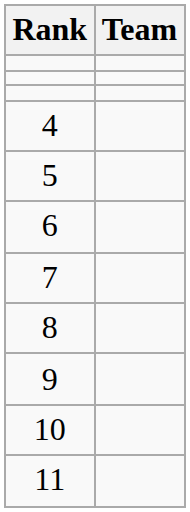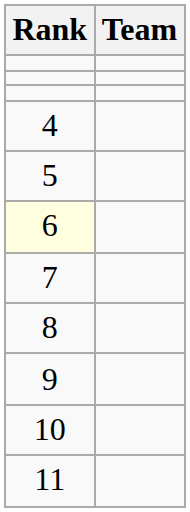 <table class=wikitable style="text-align:center;">
 <tr>
 <th>Rank</th>
 <th>Team</th>
 </tr>
 <tr>
 <td></td>
 <td align=left></td>
 </tr>
 <tr>
 <td></td>
 <td align=left></td>
 </tr>
 <tr>
 <td></td>
 <td align=left></td>
 </tr>
 <tr>
 <td>4</td>
 <td align=left></td>
 </tr>
 <tr>
 <td>5</td>
 <td align=left></td>
 </tr>
 <tr>
-<td>6</td>
+<td style="background: lightyellow;">6</td>
 <td align=left></td>
 </tr>
 <tr>
 <td>7</td>
 <td align=left></td>
 </tr>
 <tr>
 <td>8</td>
 <td align=left></td>
 </tr>
 <tr>
 <td>9</td>
 <td align=left></td>
 </tr>
 <tr>
 <td>10</td>
 <td align=left></td>
 </tr>
 <tr>
 <td>11</td>
 <td align=left></td>
 </tr>
 </table>
